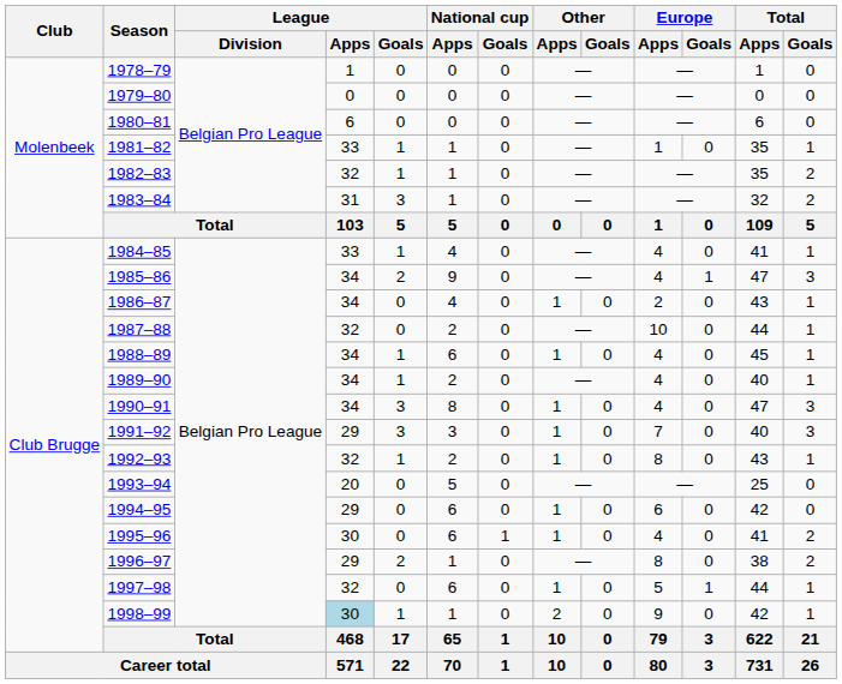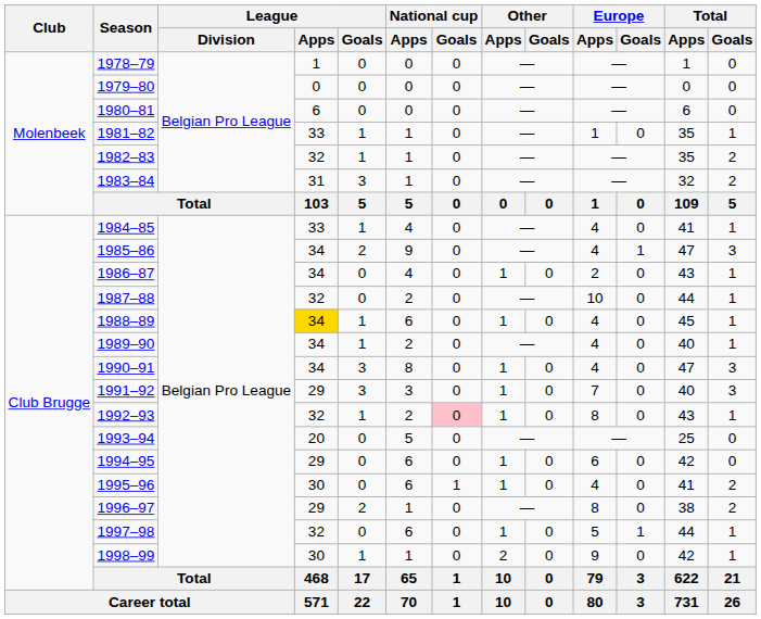 <table class="wikitable" style="text-align:center">
 <tr>
 <th rowspan="2">Club</th>
 <th rowspan="2">Season</th>
 <th colspan="3">League</th>
 <th colspan="2">National cup</th>
 <th colspan="2">Other</th>
 <th colspan="2"><a href='#'>Europe</a></th>
 <th colspan="2">Total</th>
 </tr>
 <tr>
 <th>Division</th>
 <th>Apps</th>
 <th>Goals</th>
 <th>Apps</th>
 <th>Goals</th>
 <th>Apps</th>
 <th>Goals</th>
 <th>Apps</th>
 <th>Goals</th>
 <th>Apps</th>
 <th>Goals</th>
 </tr>
 <tr>
 <td rowspan="7"><a href='#'>Molenbeek</a></td>
 <td><a href='#'>1978–79</a></td>
 <td rowspan="6"><a href='#'>Belgian Pro League</a></td>
 <td>1</td>
 <td>0</td>
 <td>0</td>
 <td>0</td>
 <td colspan="2">—</td>
 <td colspan="2">—</td>
 <td>1</td>
 <td>0</td>
 </tr>
 <tr>
 <td><a href='#'>1979–80</a></td>
 <td>0</td>
 <td>0</td>
 <td>0</td>
 <td>0</td>
 <td colspan="2">—</td>
 <td colspan="2">—</td>
 <td>0</td>
 <td>0</td>
 </tr>
 <tr>
 <td><a href='#'>1980–81</a></td>
 <td>6</td>
 <td>0</td>
 <td>0</td>
 <td>0</td>
 <td colspan="2">—</td>
 <td colspan="2">—</td>
 <td>6</td>
 <td>0</td>
 </tr>
 <tr>
 <td><a href='#'>1981–82</a></td>
 <td>33</td>
 <td>1</td>
 <td>1</td>
 <td>0</td>
 <td colspan="2">—</td>
 <td>1</td>
 <td>0</td>
 <td>35</td>
 <td>1</td>
 </tr>
 <tr>
 <td><a href='#'>1982–83</a></td>
 <td>32</td>
 <td>1</td>
 <td>1</td>
 <td>0</td>
 <td colspan="2">—</td>
 <td colspan="2">—</td>
 <td>35</td>
 <td>2</td>
 </tr>
 <tr>
 <td><a href='#'>1983–84</a></td>
 <td>31</td>
 <td>3</td>
 <td>1</td>
 <td>0</td>
 <td colspan="2">—</td>
 <td colspan="2">—</td>
 <td>32</td>
 <td>2</td>
 </tr>
 <tr>
 <th colspan="2">Total</th>
 <th>103</th>
 <th>5</th>
 <th>5</th>
 <th>0</th>
 <th>0</th>
 <th>0</th>
 <th>1</th>
 <th>0</th>
 <th>109</th>
 <th>5</th>
 </tr>
 <tr>
 <td rowspan="16"><a href='#'>Club Brugge</a></td>
 <td><a href='#'>1984–85</a></td>
 <td rowspan="15">Belgian Pro League</td>
 <td>33</td>
 <td>1</td>
 <td>4</td>
 <td>0</td>
 <td colspan="2">—</td>
 <td>4</td>
 <td>0</td>
 <td>41</td>
 <td>1</td>
 </tr>
 <tr>
 <td><a href='#'>1985–86</a></td>
 <td>34</td>
 <td>2</td>
 <td>9</td>
 <td>0</td>
 <td colspan="2">—</td>
 <td>4</td>
 <td>1</td>
 <td>47</td>
 <td>3</td>
 </tr>
 <tr>
 <td><a href='#'>1986–87</a></td>
 <td>34</td>
 <td>0</td>
 <td>4</td>
 <td>0</td>
 <td>1</td>
 <td>0</td>
 <td>2</td>
 <td>0</td>
 <td>43</td>
 <td>1</td>
 </tr>
 <tr>
 <td><a href='#'>1987–88</a></td>
 <td>32</td>
 <td>0</td>
 <td>2</td>
 <td>0</td>
 <td colspan="2">—</td>
 <td>10</td>
 <td>0</td>
 <td>44</td>
 <td>1</td>
 </tr>
 <tr>
 <td><a href='#'>1988–89</a></td>
-<td>34</td>
+<td style="background: gold;">34</td>
 <td>1</td>
 <td>6</td>
 <td>0</td>
 <td>1</td>
 <td>0</td>
 <td>4</td>
 <td>0</td>
 <td>45</td>
 <td>1</td>
 </tr>
 <tr>
 <td><a href='#'>1989–90</a></td>
 <td>34</td>
 <td>1</td>
 <td>2</td>
 <td>0</td>
 <td colspan="2">—</td>
 <td>4</td>
 <td>0</td>
 <td>40</td>
 <td>1</td>
 </tr>
 <tr>
 <td><a href='#'>1990–91</a></td>
 <td>34</td>
 <td>3</td>
 <td>8</td>
 <td>0</td>
 <td>1</td>
 <td>0</td>
 <td>4</td>
 <td>0</td>
 <td>47</td>
 <td>3</td>
 </tr>
 <tr>
 <td><a href='#'>1991–92</a></td>
 <td>29</td>
 <td>3</td>
 <td>3</td>
 <td>0</td>
 <td>1</td>
 <td>0</td>
 <td>7</td>
 <td>0</td>
 <td>40</td>
 <td>3</td>
 </tr>
 <tr>
 <td><a href='#'>1992–93</a></td>
 <td>32</td>
 <td>1</td>
 <td>2</td>
-<td>0</td>
+<td style="background: pink;">0</td>
 <td>1</td>
 <td>0</td>
 <td>8</td>
 <td>0</td>
 <td>43</td>
 <td>1</td>
 </tr>
 <tr>
 <td><a href='#'>1993–94</a></td>
 <td>20</td>
 <td>0</td>
 <td>5</td>
 <td>0</td>
 <td colspan="2">—</td>
 <td colspan="2">—</td>
 <td>25</td>
 <td>0</td>
 </tr>
 <tr>
 <td><a href='#'>1994–95</a></td>
 <td>29</td>
 <td>0</td>
 <td>6</td>
 <td>0</td>
 <td>1</td>
 <td>0</td>
 <td>6</td>
 <td>0</td>
 <td>42</td>
 <td>0</td>
 </tr>
 <tr>
 <td><a href='#'>1995–96</a></td>
 <td>30</td>
 <td>0</td>
 <td>6</td>
 <td>1</td>
 <td>1</td>
 <td>0</td>
 <td>4</td>
 <td>0</td>
 <td>41</td>
 <td>2</td>
 </tr>
 <tr>
 <td><a href='#'>1996–97</a></td>
 <td>29</td>
 <td>2</td>
 <td>1</td>
 <td>0</td>
 <td colspan="2">—</td>
 <td>8</td>
 <td>0</td>
 <td>38</td>
 <td>2</td>
 </tr>
 <tr>
 <td><a href='#'>1997–98</a></td>
 <td>32</td>
 <td>0</td>
 <td>6</td>
 <td>0</td>
 <td>1</td>
 <td>0</td>
 <td>5</td>
 <td>1</td>
 <td>44</td>
 <td>1</td>
 </tr>
 <tr>
 <td><a href='#'>1998–99</a></td>
-<td style="background: lightblue;">30</td>
+<td>30</td>
 <td>1</td>
 <td>1</td>
 <td>0</td>
 <td>2</td>
 <td>0</td>
 <td>9</td>
 <td>0</td>
 <td>42</td>
 <td>1</td>
 </tr>
 <tr>
 <th colspan="2">Total</th>
 <th>468</th>
 <th>17</th>
 <th>65</th>
 <th>1</th>
 <th>10</th>
 <th>0</th>
 <th>79</th>
 <th>3</th>
 <th>622</th>
 <th>21</th>
 </tr>
 <tr>
 <th colspan="3">Career total</th>
 <th>571</th>
 <th>22</th>
 <th>70</th>
 <th>1</th>
 <th>10</th>
 <th>0</th>
 <th>80</th>
 <th>3</th>
 <th>731</th>
 <th>26</th>
 </tr>
 </table>
